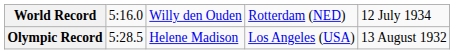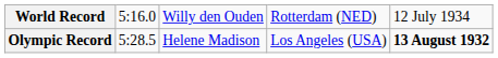 <table class="wikitable" style="font-size:95%;">
 <tr>
 <th>World Record</th>
 <td>5:16.0</td>
 <td> <a href='#'>Willy den Ouden</a></td>
 <td><a href='#'>Rotterdam</a> (<a href='#'>NED</a>)</td>
 <td>12 July 1934</td>
 </tr>
 <tr>
 <th>Olympic Record</th>
 <td>5:28.5</td>
 <td> <a href='#'>Helene Madison</a></td>
 <td><a href='#'>Los Angeles</a> (<a href='#'>USA</a>)</td>
-<td>13 August 1932</td>
+<td><strong>13 August 1932</strong></td>
 </tr>
 </table>
